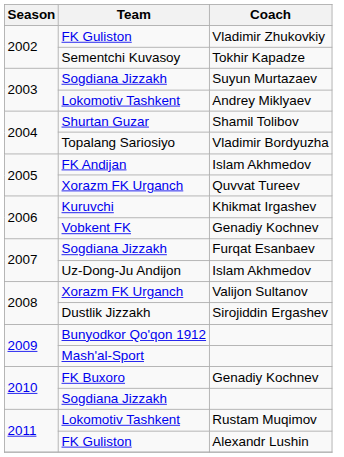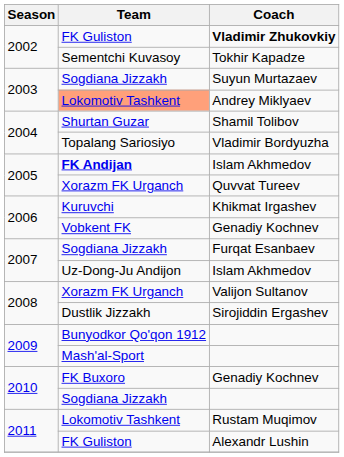 <table class="wikitable" style="text-align: left">
 <tr>
 <th>Season</th>
 <th>Team</th>
 <th>Coach</th>
 </tr>
 <tr>
 <td rowspan=2>2002</td>
 <td><a href='#'>FK Guliston</a></td>
-<td>Vladimir Zhukovkiy</td>
+<td><strong>Vladimir Zhukovkiy</strong></td>
 </tr>
 <tr>
 <td>Sementchi Kuvasoy</td>
 <td>Tokhir Kapadze</td>
 </tr>
 <tr>
 <td rowspan=2>2003</td>
 <td><a href='#'>Sogdiana Jizzakh</a></td>
 <td>Suyun Murtazaev</td>
 </tr>
 <tr>
-<td><a href='#'>Lokomotiv Tashkent</a></td>
+<td style="background: lightsalmon;"><a href='#'>Lokomotiv Tashkent</a></td>
 <td>Andrey Miklyaev</td>
 </tr>
 <tr>
 <td rowspan=2>2004</td>
 <td><a href='#'>Shurtan Guzar</a></td>
 <td>Shamil Tolibov</td>
 </tr>
 <tr>
 <td>Topalang Sariosiyo</td>
 <td>Vladimir Bordyuzha</td>
 </tr>
 <tr>
 <td rowspan=2>2005</td>
-<td><a href='#'>FK Andijan</a></td>
+<td><strong><a href='#'>FK Andijan</a></strong></td>
 <td>Islam Akhmedov</td>
 </tr>
 <tr>
 <td><a href='#'>Xorazm FK Urganch</a></td>
 <td>Quvvat Tureev</td>
 </tr>
 <tr>
 <td rowspan=2>2006</td>
 <td><a href='#'>Kuruvchi</a></td>
 <td>Khikmat Irgashev</td>
 </tr>
 <tr>
 <td><a href='#'>Vobkent FK</a></td>
 <td>Genadiy Kochnev</td>
 </tr>
 <tr>
 <td rowspan=2>2007</td>
 <td><a href='#'>Sogdiana Jizzakh</a></td>
 <td>Furqat Esanbaev</td>
 </tr>
 <tr>
 <td>Uz-Dong-Ju Andijon</td>
 <td>Islam Akhmedov</td>
 </tr>
 <tr>
 <td rowspan=2>2008</td>
 <td><a href='#'>Xorazm FK Urganch</a></td>
 <td>Valijon Sultanov</td>
 </tr>
 <tr>
 <td>Dustlik Jizzakh</td>
 <td>Sirojiddin Ergashev</td>
 </tr>
 <tr>
 <td rowspan=2><a href='#'>2009</a></td>
 <td><a href='#'>Bunyodkor Qo'qon 1912</a></td>
 <td></td>
 </tr>
 <tr>
 <td><a href='#'>Mash'al-Sport</a></td>
 <td></td>
 </tr>
 <tr>
 <td rowspan=2><a href='#'>2010</a></td>
 <td><a href='#'>FK Buxoro</a></td>
 <td>Genadiy Kochnev</td>
 </tr>
 <tr>
 <td><a href='#'>Sogdiana Jizzakh</a></td>
 <td></td>
 </tr>
 <tr>
 <td rowspan=2><a href='#'>2011</a></td>
 <td><a href='#'>Lokomotiv Tashkent</a></td>
 <td>Rustam Muqimov</td>
 </tr>
 <tr>
 <td><a href='#'>FK Guliston</a></td>
 <td>Alexandr Lushin</td>
 </tr>
 <tr>
 </tr>
 </table>
